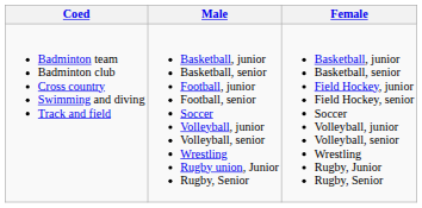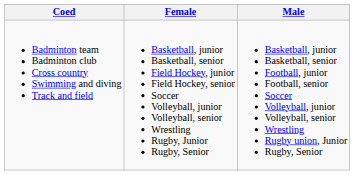 <table class="wikitable">
 <tr>
 <th><a href='#'>Coed</a></th>
+<th><a href='#'>Female</a></th>
 <th><a href='#'>Male</a></th>
-<th><a href='#'>Female</a></th>
 </tr>
 <tr style="vertical-align:top;">
 <td><br><ul><li><a href='#'>Badminton</a> team</li><li>Badminton club</li><li><a href='#'>Cross country</a></li><li><a href='#'>Swimming</a> and diving</li><li><a href='#'>Track and field</a></li></ul></td>
+<td><br><ul><li><a href='#'>Basketball</a>, junior</li><li>Basketball, senior</li><li><a href='#'>Field Hockey</a>, junior</li><li>Field Hockey, senior</li><li>Soccer</li><li>Volleyball, junior</li><li>Volleyball, senior</li><li>Wrestling</li><li>Rugby, Junior</li><li>Rugby, Senior</li></ul></td>
 <td><br><ul><li><a href='#'>Basketball</a>, junior</li><li>Basketball, senior</li><li><a href='#'>Football</a>, junior</li><li>Football, senior</li><li><a href='#'>Soccer</a></li><li><a href='#'>Volleyball</a>, junior</li><li>Volleyball, senior</li><li><a href='#'>Wrestling</a></li><li><a href='#'>Rugby union</a>, Junior</li><li>Rugby, Senior</li></ul></td>
-<td><br><ul><li><a href='#'>Basketball</a>, junior</li><li>Basketball, senior</li><li><a href='#'>Field Hockey</a>, junior</li><li>Field Hockey, senior</li><li>Soccer</li><li>Volleyball, junior</li><li>Volleyball, senior</li><li>Wrestling</li><li>Rugby, Junior</li><li>Rugby, Senior</li></ul></td>
 </tr>
 </table>
